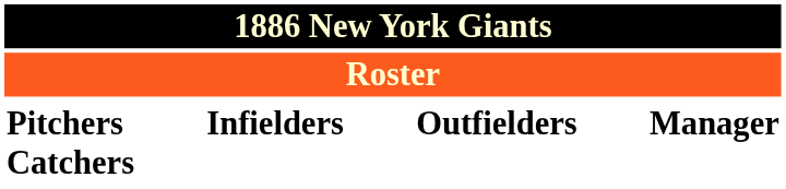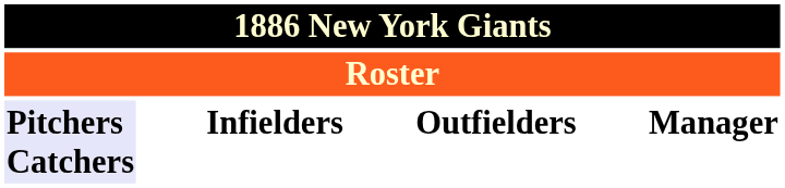 <table class="toccolours" style="font-size: 95%;">
 <tr>
 <th colspan="10" style="background-color: black; color: #FFFDD0; text-align: center;">1886 New York Giants</th>
 </tr>
 <tr>
 <td colspan="10" style="background-color: #fd5a1e; color: #FFFDD0; text-align: center;"><strong>Roster</strong></td>
 </tr>
 <tr>
-<td valign="top"><strong>Pitchers</strong><br>   <strong>Catchers</strong>   </td>
+<td valign="top" style="background: lavender;"><strong>Pitchers</strong><br>   <strong>Catchers</strong>   </td>
 <td width="25px"></td>
 <td valign="top"><strong>Infielders</strong><br>    </td>
 <td width="25px"></td>
 <td valign="top"><strong>Outfielders</strong><br>      </td>
 <td width="25px"></td>
 <td valign="top"><strong>Manager</strong><br></td>
 </tr>
 </table>
